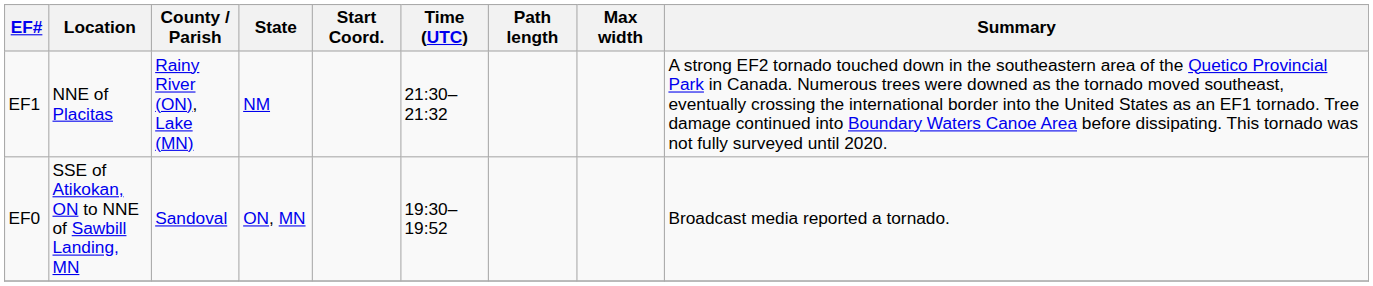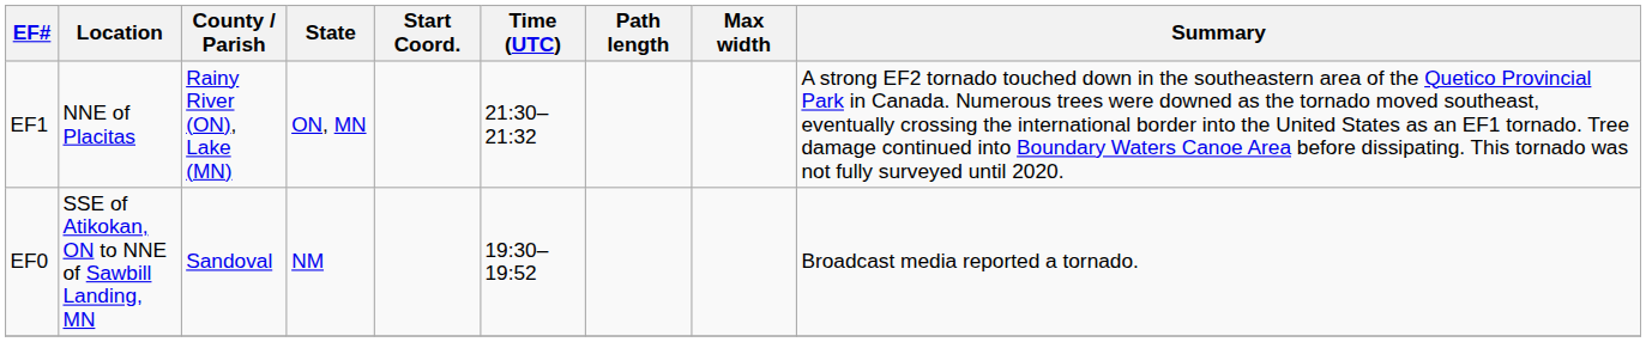 <table class="wikitable sortable" style="width:100%;">
 <tr>
 <th scope="col"  style="width:3%; text-align:center;"><a href='#'>EF#</a></th>
 <th scope="col"  style="width:7%; text-align:center;" class="unsortable">Location</th>
 <th scope="col"  style="width:6%; text-align:center;" class="unsortable">County / Parish</th>
 <th scope="col"  style="width:5%; text-align:center;">State</th>
 <th scope="col"  style="width:6%; text-align:center;">Start Coord.</th>
 <th scope="col"  style="width:6%; text-align:center;">Time (<a href='#'>UTC</a>)</th>
 <th scope="col"  style="width:6%; text-align:center;">Path length</th>
 <th scope="col"  style="width:6%; text-align:center;">Max width</th>
 <th scope="col" class="unsortable" style="width:48%; text-align:center;">Summary</th>
 </tr>
 <tr>
 <td>EF1</td>
 <td>NNE of <a href='#'>Placitas</a></td>
 <td><a href='#'>Rainy River (ON)</a>, <a href='#'>Lake (MN)</a></td>
-<td><a href='#'>NM</a></td>
+<td><a href='#'>ON</a>, <a href='#'>MN</a></td>
 <td></td>
 <td>21:30–21:32</td>
 <td></td>
 <td></td>
 <td>A strong EF2 tornado touched down in the southeastern area of the <a href='#'>Quetico Provincial Park</a> in Canada. Numerous trees were downed as the tornado moved southeast, eventually crossing the international border into the United States as an EF1 tornado. Tree damage continued into <a href='#'>Boundary Waters Canoe Area</a> before dissipating. This tornado was not fully surveyed until 2020.</td>
 </tr>
 <tr>
 <td>EF0</td>
 <td>SSE of <a href='#'>Atikokan, ON</a> to NNE of <a href='#'>Sawbill Landing, MN</a></td>
 <td><a href='#'>Sandoval</a></td>
-<td><a href='#'>ON</a>, <a href='#'>MN</a></td>
+<td><a href='#'>NM</a></td>
 <td></td>
 <td>19:30–19:52</td>
 <td></td>
 <td></td>
 <td>Broadcast media reported a tornado.</td>
 </tr>
 <tr>
 </tr>
 </table>
